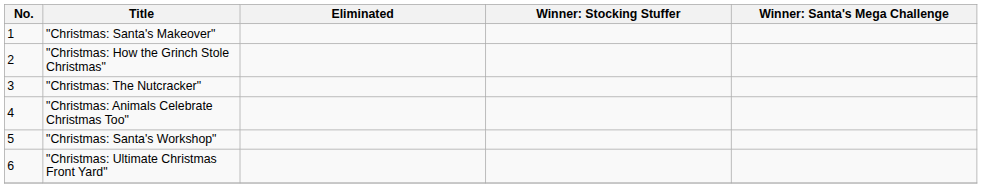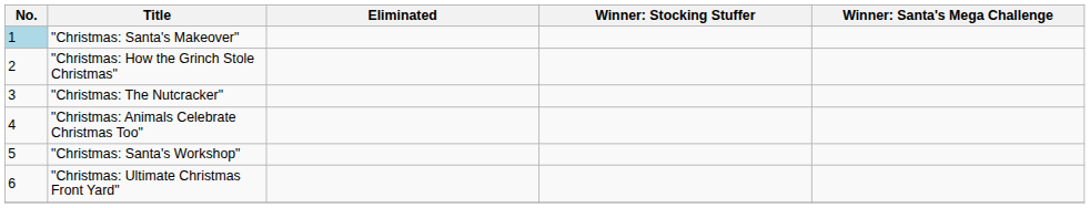 <table class="wikitable plainrowheaders" style="width:100%;">
 <tr>
 <th width=2%>No.</th>
 <th width=12%>Title</th>
 <th width=15%>Eliminated</th>
 <th width=15%>Winner: Stocking Stuffer</th>
 <th width=15%>Winner: Santa's Mega Challenge</th>
 </tr>
 <tr>
-<td>1</td>
+<td style="background: lightblue;">1</td>
 <td>"Christmas: Santa's Makeover"</td>
 <td></td>
 <td></td>
 <td></td>
 </tr>
 <tr>
 <td>2</td>
 <td>"Christmas: How the Grinch Stole Christmas"</td>
 <td></td>
 <td></td>
 <td></td>
 </tr>
 <tr>
 <td>3</td>
 <td>"Christmas: The Nutcracker"</td>
 <td></td>
 <td></td>
 <td></td>
 </tr>
 <tr>
 <td>4</td>
 <td>"Christmas: Animals Celebrate Christmas Too"</td>
 <td></td>
 <td></td>
 <td></td>
 </tr>
 <tr>
 <td>5</td>
 <td>"Christmas: Santa's Workshop"</td>
 <td></td>
 <td></td>
 <td></td>
 </tr>
 <tr>
 <td>6</td>
 <td>"Christmas: Ultimate Christmas Front Yard"</td>
 <td></td>
 <td></td>
 <td></td>
 </tr>
 <tr>
 </tr>
 </table>
